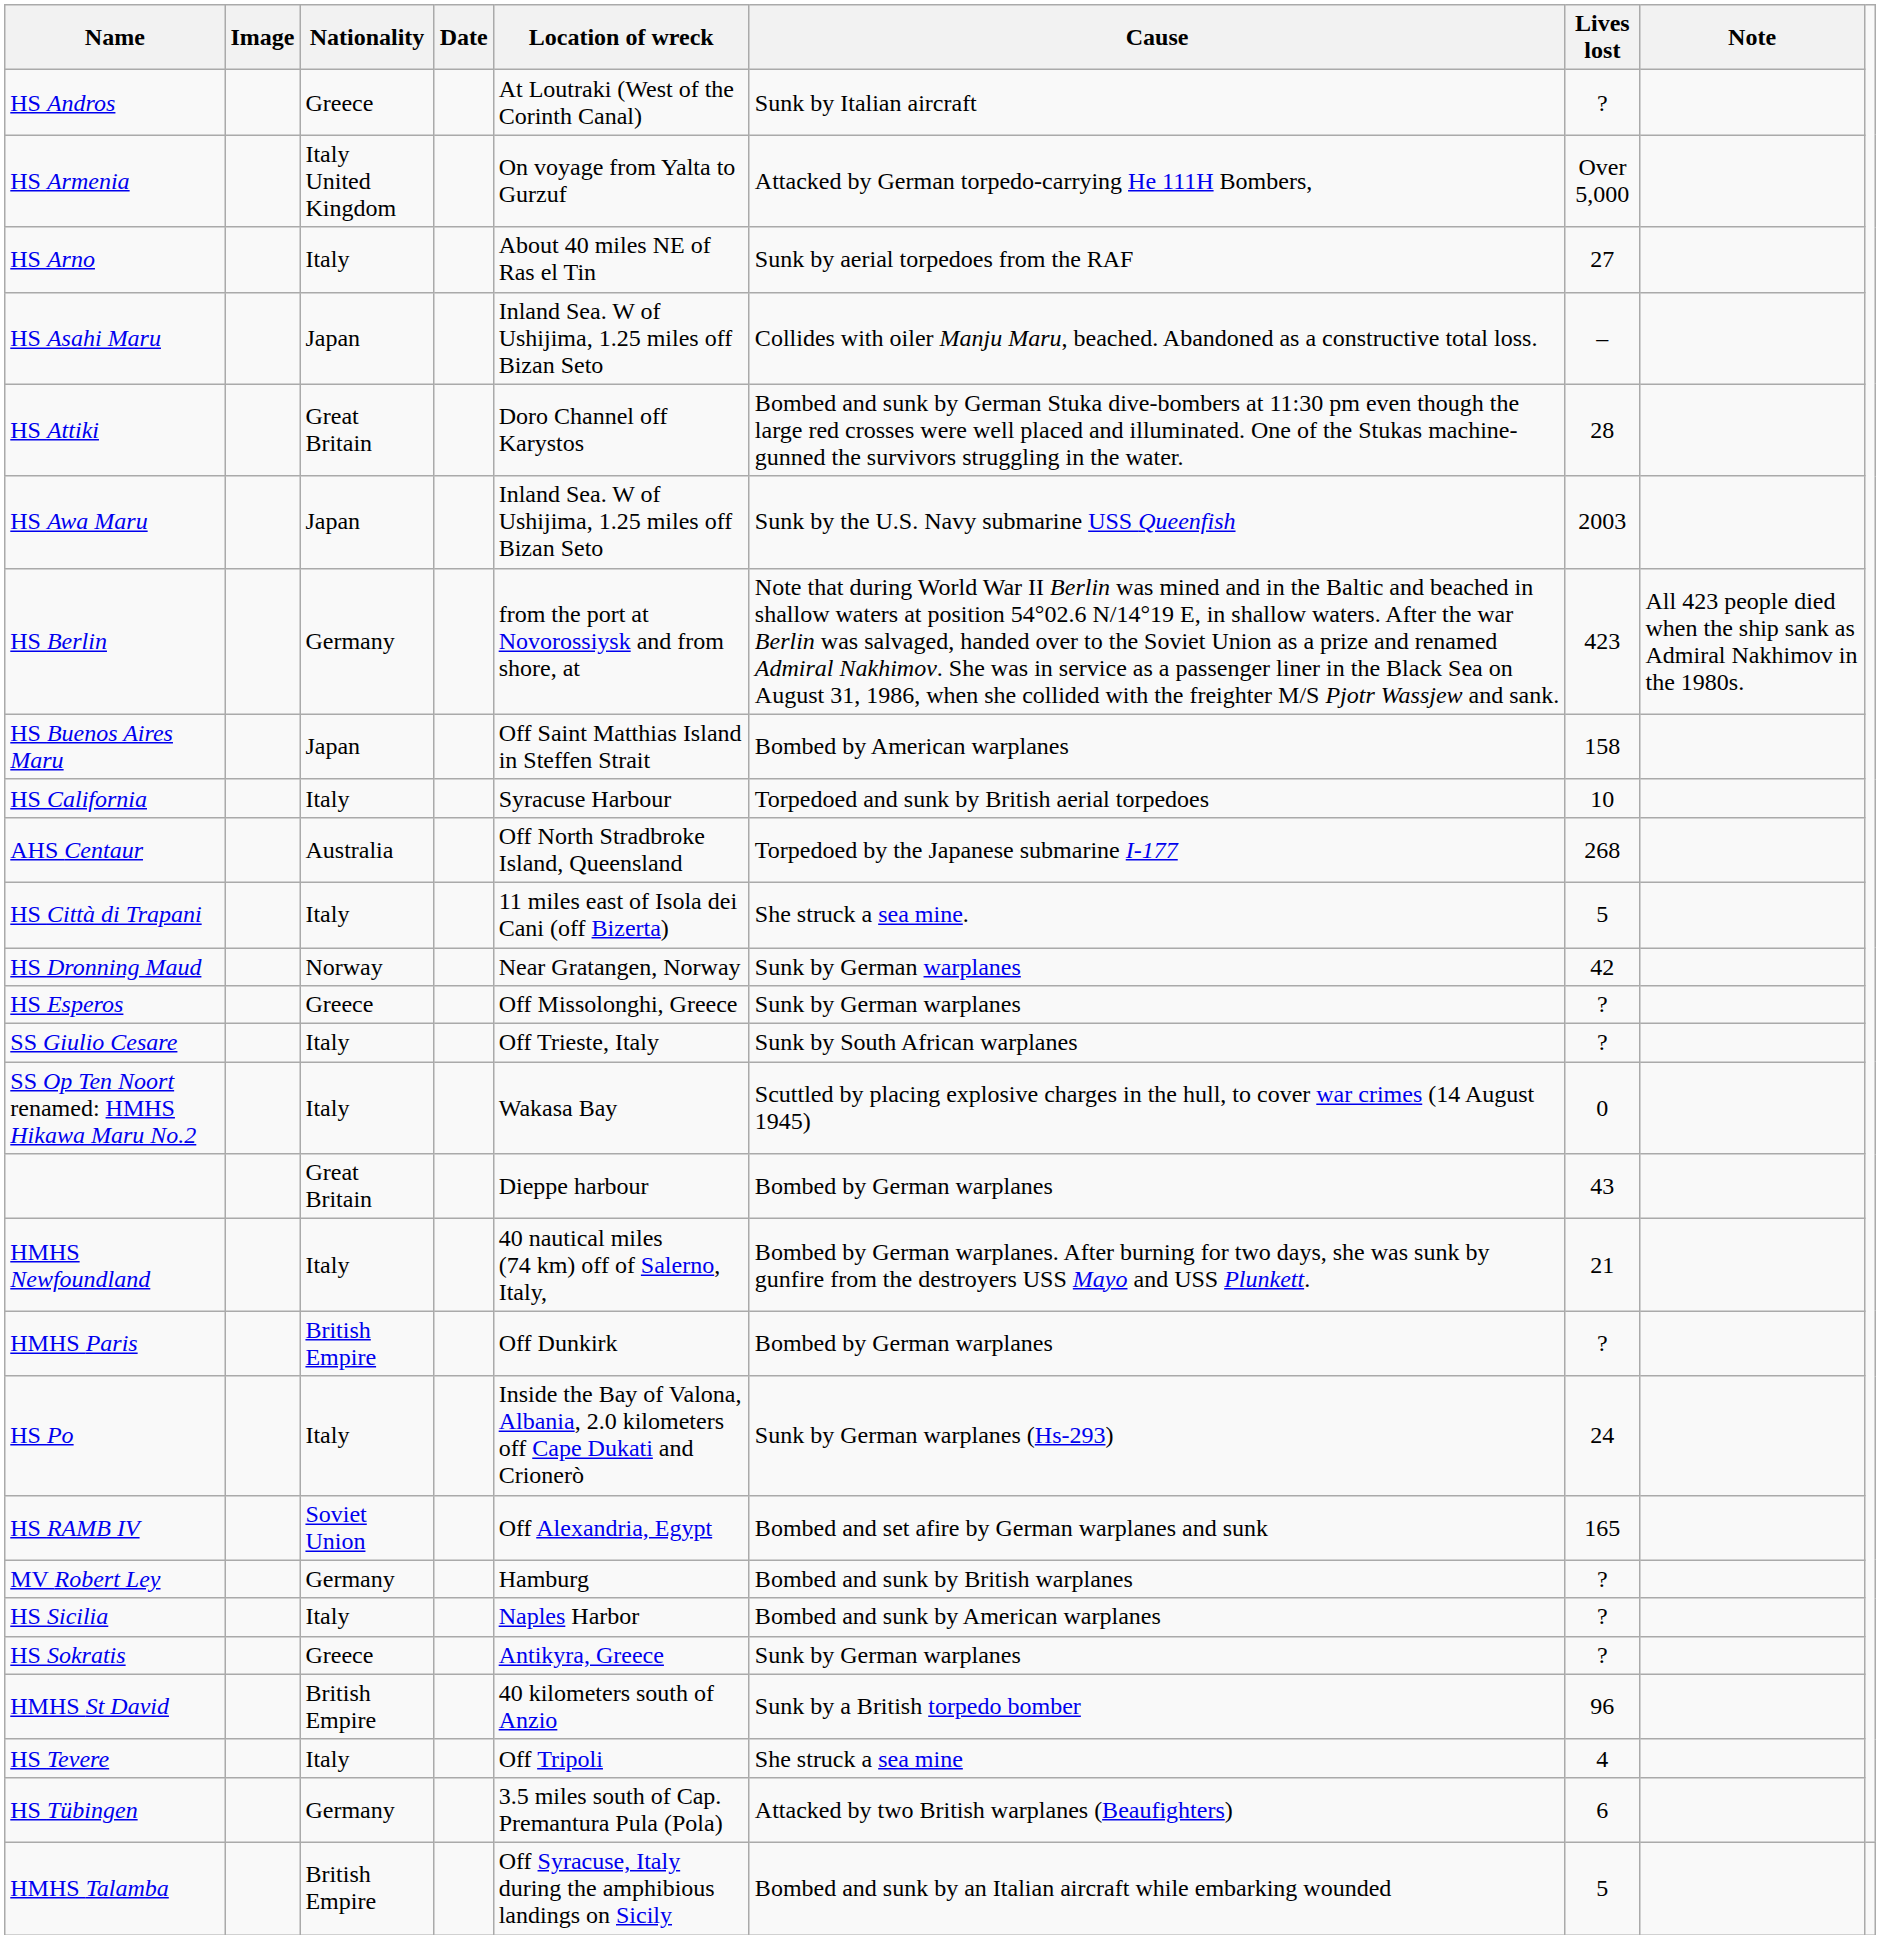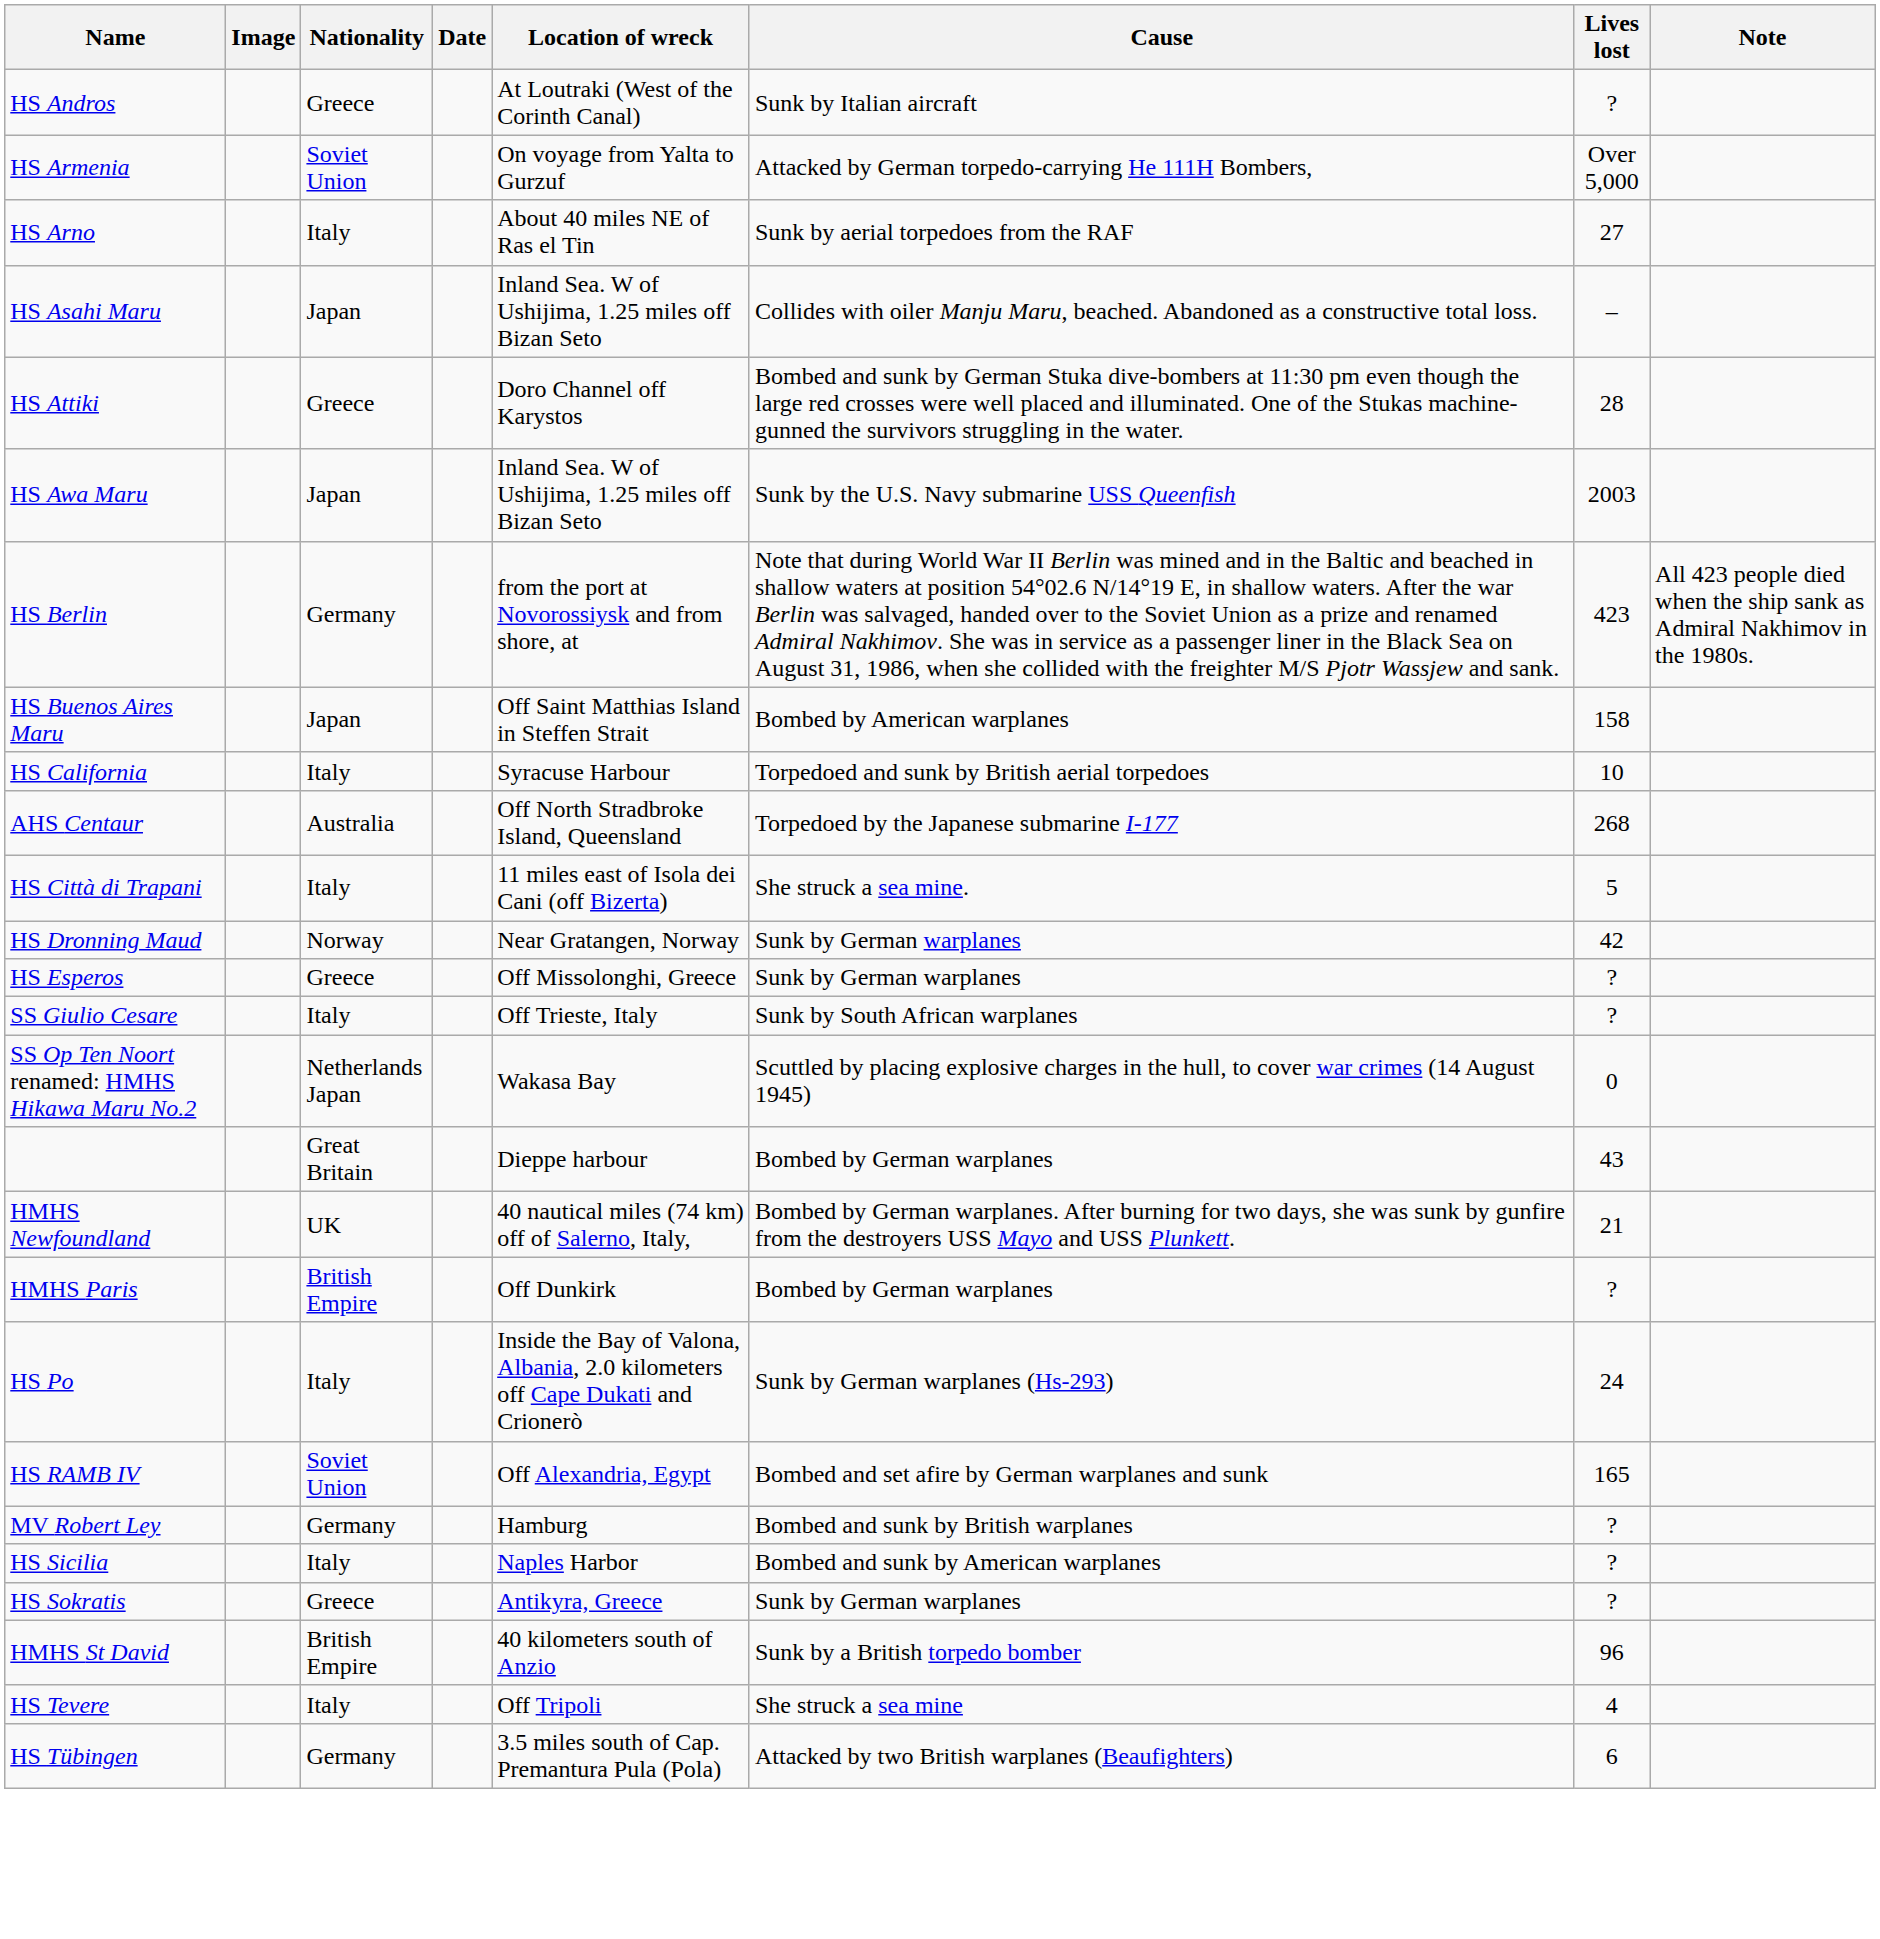 <table class="wikitable sortable">
 <tr>
 <th>Name</th>
 <th class=unsortable>Image</th>
 <th>Nationality</th>
 <th>Date</th>
 <th>Location of wreck</th>
 <th>Cause</th>
 <th>Lives lost</th>
 <th class=unsortable>Note</th>
 </tr>
 <tr>
 <td><a href='#'>HS <em>Andros</em></a></td>
 <td></td>
 <td>  Greece</td>
 <td></td>
 <td>At Loutraki (West of the Corinth Canal)</td>
 <td>Sunk by Italian aircraft</td>
 <td align=center>?</td>
 <td></td>
 </tr>
 <tr>
 <td><a href='#'>HS <em>Armenia</em></a></td>
 <td></td>
-<td>  Italy<br> United Kingdom</td>
+<td>  <a href='#'>Soviet Union</a></td>
 <td></td>
 <td>On voyage from Yalta to Gurzuf </td>
 <td>Attacked by German torpedo-carrying <a href='#'>He 111H</a> Bombers,</td>
 <td align=center>Over 5,000</td>
 <td></td>
 </tr>
 <tr>
 <td><a href='#'>HS <em>Arno</em></a></td>
 <td></td>
 <td>  Italy</td>
 <td></td>
 <td>About 40 miles NE of Ras el Tin </td>
 <td>Sunk by aerial torpedoes from the RAF</td>
 <td align=center>27</td>
 <td></td>
 </tr>
 <tr>
 <td><a href='#'>HS <em>Asahi Maru</em></a></td>
 <td></td>
 <td> Japan</td>
 <td></td>
 <td>Inland Sea. W of Ushijima, 1.25 miles off Bizan Seto</td>
 <td>Collides with oiler <em>Manju Maru</em>, beached. Abandoned as a constructive total loss.</td>
 <td align=center>–</td>
 <td></td>
 </tr>
 <tr>
 <td><a href='#'>HS <em>Attiki</em></a></td>
 <td></td>
-<td> Great Britain</td>
+<td>  Greece</td>
 <td></td>
 <td>Doro Channel off Karystos</td>
 <td>Bombed and sunk by German Stuka dive-bombers at 11:30 pm even though the large red crosses were well placed and illuminated. One of the Stukas machine-gunned the survivors struggling in the water. </td>
 <td align=center>28 </td>
 <td></td>
 </tr>
 <tr>
 <td><a href='#'>HS <em>Awa Maru</em></a></td>
 <td></td>
 <td> Japan</td>
 <td></td>
 <td>Inland Sea. W of Ushijima, 1.25 miles off Bizan Seto</td>
 <td>Sunk by the U.S. Navy submarine <a href='#'>USS <em>Queenfish</em></a></td>
 <td align=center>2003</td>
 <td></td>
 </tr>
 <tr>
 <td><a href='#'>HS <em>Berlin</em></a></td>
 <td></td>
 <td> Germany</td>
 <td></td>
 <td> from the port at <a href='#'>Novorossiysk</a> and  from shore, at </td>
 <td>Note that during World War II <em>Berlin</em> was mined and in the Baltic and beached in shallow waters at position 54°02.6 N/14°19 E, in shallow waters. After the war <em>Berlin</em> was salvaged, handed over to the Soviet Union as a prize and renamed <em>Admiral Nakhimov</em>. She was in service as a passenger liner in the Black Sea on August 31, 1986, when she collided with the freighter M/S <em>Pjotr Wassjew</em> and sank.</td>
 <td align=center>423</td>
 <td> All 423 people died when the ship sank as Admiral Nakhimov in the 1980s.</td>
 </tr>
 <tr>
 <td><a href='#'>HS <em>Buenos Aires Maru</em></a></td>
 <td></td>
 <td> Japan</td>
 <td></td>
 <td>Off Saint Matthias Island in Steffen Strait </td>
 <td>Bombed by American warplanes</td>
 <td align=center>158</td>
 <td><br> </td>
 </tr>
 <tr>
 <td><a href='#'>HS <em>California</em></a></td>
 <td></td>
 <td>  Italy</td>
 <td></td>
 <td>Syracuse Harbour</td>
 <td>Torpedoed and sunk by British aerial torpedoes</td>
 <td align=center>10</td>
 <td></td>
 </tr>
 <tr>
 <td><a href='#'>AHS <em>Centaur</em></a></td>
 <td></td>
 <td> Australia</td>
 <td></td>
 <td>Off North Stradbroke Island, Queensland</td>
 <td>Torpedoed by the Japanese submarine <a href='#'><em>I-177</em></a></td>
 <td align=center>268</td>
 <td></td>
 </tr>
 <tr>
 <td><a href='#'>HS <em>Città di Trapani</em></a></td>
 <td></td>
 <td>  Italy</td>
 <td></td>
 <td>11 miles east of Isola dei Cani (off <a href='#'>Bizerta</a>)</td>
 <td>She struck a <a href='#'>sea mine</a>.</td>
 <td align=center>5</td>
 <td></td>
 </tr>
 <tr>
 <td><a href='#'>HS <em>Dronning Maud</em></a></td>
 <td></td>
 <td>  Norway</td>
 <td></td>
 <td>Near Gratangen, Norway</td>
 <td>Sunk by German <a href='#'>warplanes</a></td>
 <td align=center>42</td>
 <td></td>
 </tr>
 <tr>
 <td><a href='#'>HS <em>Esperos</em></a></td>
 <td></td>
 <td>  Greece</td>
 <td></td>
 <td>Off Missolonghi, Greece</td>
 <td>Sunk by German warplanes</td>
 <td align=center>?</td>
 <td></td>
 </tr>
 <tr>
 <td><a href='#'>SS <em>Giulio Cesare</em></a></td>
 <td></td>
 <td>  Italy</td>
 <td></td>
 <td>Off Trieste, Italy</td>
 <td>Sunk by South African warplanes</td>
 <td align=center>?</td>
 <td></td>
 </tr>
 <tr>
 <td><a href='#'>SS <em>Op Ten Noort</em></a> renamed: <a href='#'>HMHS <em>Hikawa Maru No.2</em></a></td>
 <td></td>
-<td>  Italy</td>
+<td> Netherlands<br>  Japan</td>
 <td></td>
 <td>Wakasa Bay</td>
 <td>Scuttled by placing explosive charges in the hull, to cover <a href='#'>war crimes</a> (14 August 1945)</td>
 <td align=center>0</td>
 <td><br></td>
 </tr>
 <tr>
 <td></td>
 <td></td>
 <td> Great Britain</td>
 <td></td>
 <td>Dieppe harbour</td>
 <td>Bombed by German warplanes</td>
 <td align=center>43</td>
 <td><br></td>
 </tr>
 <tr>
 <td><a href='#'>HMHS <em>Newfoundland</em></a></td>
 <td></td>
-<td>  Italy</td>
+<td>  UK</td>
 <td></td>
 <td>40 nautical miles (74 km) off of <a href='#'>Salerno</a>, Italy, </td>
 <td>Bombed by German warplanes. After burning for two days, she was sunk by gunfire from the destroyers USS <a href='#'><em>Mayo</em></a> and USS <a href='#'><em>Plunkett</em></a>.</td>
 <td align=center>21</td>
 <td></td>
 </tr>
 <tr>
 <td><a href='#'>HMHS <em>Paris</em></a></td>
 <td></td>
 <td> <a href='#'>British Empire</a></td>
 <td></td>
 <td>Off Dunkirk</td>
 <td>Bombed by German warplanes</td>
 <td align=center>?</td>
 <td><br></td>
 </tr>
 <tr>
 <td><a href='#'>HS <em>Po</em></a></td>
 <td></td>
 <td>  Italy</td>
 <td></td>
 <td>Inside the Bay of Valona, <a href='#'>Albania</a>, 2.0 kilometers off <a href='#'>Cape Dukati</a> and Crionerò </td>
 <td>Sunk by German warplanes (<a href='#'>Hs-293</a>)</td>
 <td align=center>24</td>
 <td><br> </td>
 </tr>
 <tr>
 <td><a href='#'>HS <em>RAMB IV</em></a></td>
 <td></td>
 <td>  <a href='#'>Soviet Union</a></td>
 <td></td>
 <td>Off <a href='#'>Alexandria, Egypt</a></td>
 <td>Bombed and set afire by German warplanes and sunk</td>
 <td align=center>165</td>
 <td></td>
 </tr>
 <tr>
 <td><a href='#'>MV <em>Robert Ley</em></a></td>
 <td></td>
 <td> Germany</td>
 <td></td>
 <td>Hamburg</td>
 <td>Bombed and sunk by British warplanes</td>
 <td align=center>?</td>
 <td></td>
 </tr>
 <tr>
 <td><a href='#'>HS <em>Sicilia</em></a></td>
 <td></td>
 <td>  Italy</td>
 <td></td>
 <td><a href='#'>Naples</a> Harbor</td>
 <td>Bombed and sunk by American warplanes</td>
 <td align=center>?</td>
 <td></td>
 </tr>
 <tr>
 <td><a href='#'>HS <em>Sokratis</em></a></td>
 <td></td>
 <td>  Greece</td>
 <td></td>
 <td><a href='#'>Antikyra, Greece</a></td>
 <td>Sunk by German warplanes</td>
 <td align=center>?</td>
 <td></td>
 </tr>
 <tr>
 <td><a href='#'>HMHS <em>St David</em></a></td>
 <td></td>
 <td> British Empire</td>
 <td></td>
 <td>40 kilometers south of <a href='#'>Anzio</a></td>
 <td>Sunk by a British <a href='#'>torpedo bomber</a></td>
 <td align=center>96</td>
 <td><br></td>
 </tr>
 <tr>
 <td><a href='#'>HS <em>Tevere</em></a></td>
 <td></td>
 <td>  Italy</td>
 <td></td>
 <td>Off <a href='#'>Tripoli</a></td>
 <td>She struck a <a href='#'>sea mine</a></td>
 <td align=center>4</td>
 <td></td>
 </tr>
 <tr>
 <td><a href='#'>HS <em>Tübingen</em></a></td>
 <td></td>
 <td> Germany</td>
 <td></td>
 <td>3.5 miles south of Cap. Premantura Pula (Pola)</td>
 <td>Attacked by two British warplanes (<a href='#'>Beaufighters</a>)</td>
 <td align=center>6</td>
 <td></td>
 </tr>
-<tr>
-<td><a href='#'>HMHS <em>Talamba</em></a></td>
-<td></td>
-<td> British Empire</td>
-<td></td>
-<td>Off <a href='#'>Syracuse, Italy</a> during the amphibious landings on <a href='#'>Sicily</a></td>
-<td>Bombed and sunk by an Italian aircraft while embarking wounded</td>
-<td align=center>5</td>
-<td><br></td>
-<td></td>
-</tr>
 </table>
